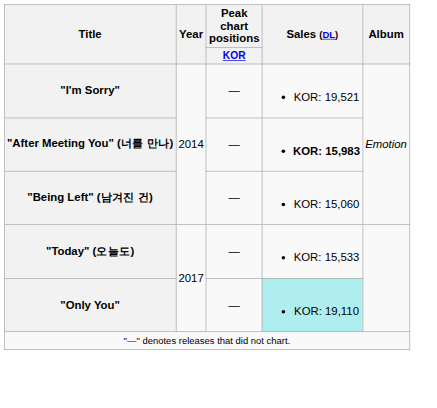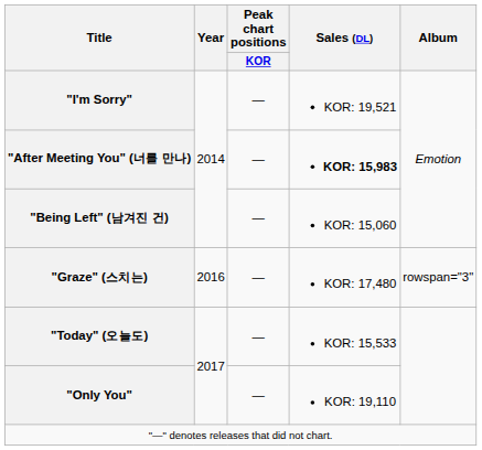 <table class="wikitable plainrowheaders" style="text-align:center;">
 <tr>
 <th scope="col" rowspan="2">Title</th>
 <th scope="col" rowspan="2">Year</th>
 <th scope="col" colspan="1">Peak chart positions</th>
 <th scope="col" rowspan="2">Sales <small>(<a href='#'>DL</a>)</small></th>
 <th scope="col" rowspan="2">Album</th>
 </tr>
 <tr>
 <th scope="col" style="width:3.5em;font-size:90%;"><a href='#'>KOR</a><br></th>
 </tr>
 <tr>
 <th scope="row">"I'm Sorry"<br></th>
 <td rowspan="3">2014</td>
 <td>—</td>
 <td><br><ul><li>KOR: 19,521</li></ul></td>
 <td rowspan="3"><em>Emotion</em></td>
 </tr>
 <tr>
 <th scope="row">"After Meeting You" (너를 만나)<br></th>
 <td>—</td>
 <td><strong><br><ul><li>KOR: 15,983</li></ul></strong></td>
 </tr>
 <tr>
 <th scope="row">"Being Left" (남겨진 건)<br></th>
 <td>—</td>
 <td><br><ul><li>KOR: 15,060</li></ul></td>
 </tr>
 <tr>
+<th scope="row">"Graze" (스치는)<br></th>
+<td>2016</td>
+<td>—</td>
+<td><br><ul><li>KOR: 17,480</li></ul></td>
+<td>rowspan="3" </td>
+</tr>
+<tr>
 <th scope="row">"Today" (오늘도)<br></th>
 <td rowspan="2">2017</td>
 <td>—</td>
 <td><br><ul><li>KOR: 15,533</li></ul></td>
 </tr>
 <tr>
 <th scope="row">"Only You" <br></th>
 <td>—</td>
-<td style="background: paleturquoise;"><br><ul><li>KOR: 19,110</li></ul></td>
+<td><br><ul><li>KOR: 19,110</li></ul></td>
 </tr>
 <tr>
 <td colspan="5" align="center"><small>"—" denotes releases that did not chart.</small></td>
 </tr>
 </table>
